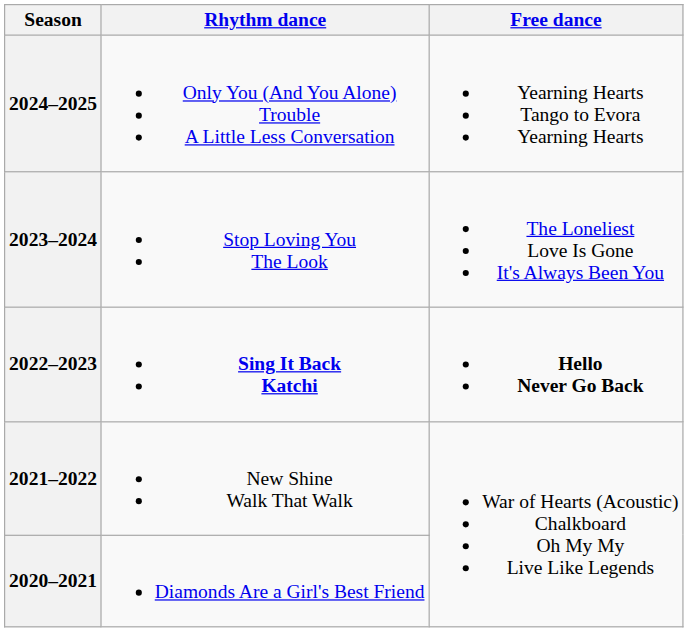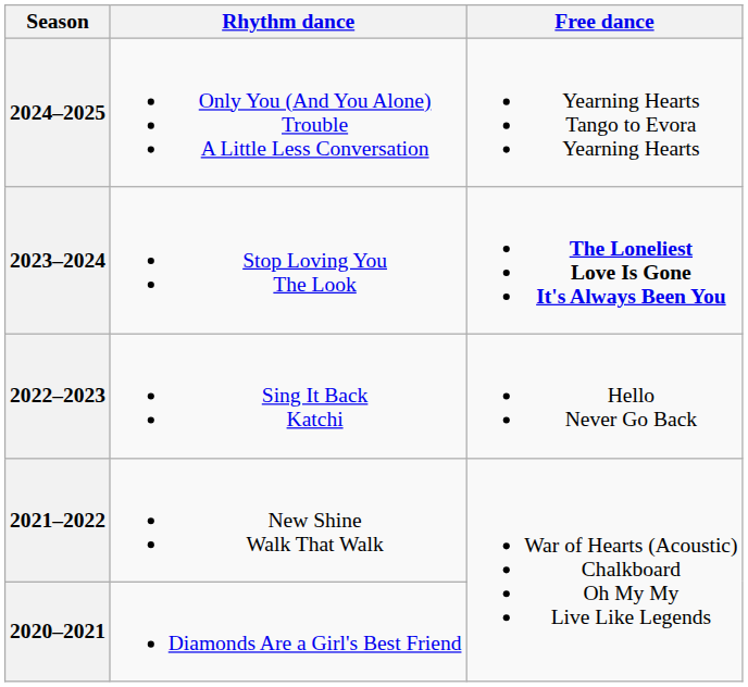 <table class=wikitable style=text-align:center>
 <tr>
 <th>Season</th>
 <th><a href='#'>Rhythm dance</a></th>
 <th><a href='#'>Free dance</a></th>
 </tr>
 <tr>
 <th>2024–2025 <br> </th>
 <td><br><ul><li><a href='#'>Only You (And You Alone)</a> <br> </li><li><a href='#'>Trouble</a></li><li><a href='#'>A Little Less Conversation</a> <br> </li></ul></td>
 <td><br><ul><li>Yearning Hearts <br> </li><li>Tango to Evora <br> </li><li>Yearning Hearts <br> </li></ul></td>
 </tr>
 <tr>
 <th>2023–2024 <br> </th>
 <td><br><ul><li><a href='#'>Stop Loving You</a> <br> </li><li><a href='#'>The Look</a> <br> </li></ul></td>
-<td><br><ul><li><a href='#'>The Loneliest</a> <br> </li><li>Love Is Gone <br> </li><li><a href='#'>It's Always Been You</a> <br> </li></ul></td>
+<td><strong><br><ul><li><a href='#'>The Loneliest</a> <br> </li><li>Love Is Gone <br> </li><li><a href='#'>It's Always Been You</a> <br> </li></ul></strong></td>
 </tr>
 <tr>
 <th>2022–2023 <br> </th>
-<td><strong><br><ul><li> <a href='#'>Sing It Back</a> <br> </li><li> <a href='#'>Katchi</a> <br> </li></ul></strong></td>
-<td><strong><br><ul><li>Hello</li><li>Never Go Back <br> </li></ul></strong></td>
+<td><br><ul><li> <a href='#'>Sing It Back</a> <br> </li><li> <a href='#'>Katchi</a> <br> </li></ul></td>
+<td><br><ul><li>Hello</li><li>Never Go Back <br> </li></ul></td>
 </tr>
 <tr>
 <th>2021–2022 <br> </th>
 <td><br><ul><li> New Shine <br> </li><li> Walk That Walk <br> </li></ul></td>
 <td rowspan=2><br><ul><li>War of Hearts (Acoustic) <br> </li><li>Chalkboard <br> </li><li>Oh My My</li><li>Live Like Legends <br> </li></ul></td>
 </tr>
 <tr>
 <th>2020–2021 <br> </th>
 <td><br><ul><li><a href='#'>Diamonds Are a Girl's Best Friend</a> <br> </li></ul></td>
 </tr>
 </table>
